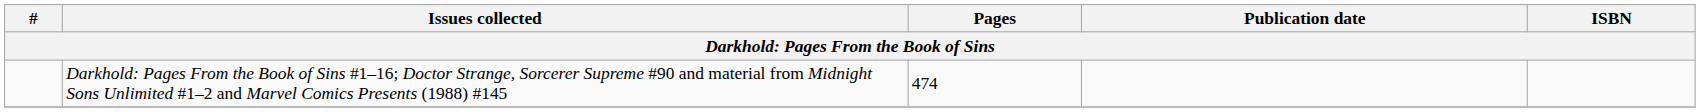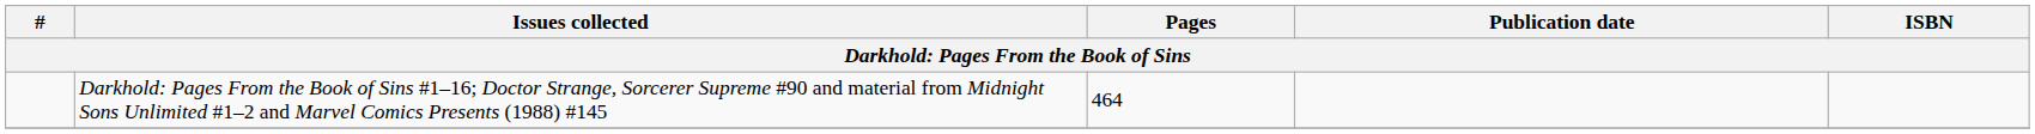 <table class="wikitable sortable" width=98%>
 <tr>
 <th class="unsortable">#</th>
 <th class="unsortable" width="50%">Issues collected</th>
 <th>Pages</th>
 <th>Publication date</th>
 <th class="unsortable">ISBN</th>
 </tr>
 <tr>
 <th colspan="5"><strong><em>Darkhold: Pages From the Book of Sins</em></strong></th>
 </tr>
 <tr>
 <td></td>
 <td><em>Darkhold: Pages From the Book of Sins</em> #1–16; <em>Doctor Strange, Sorcerer Supreme</em> #90 and material from <em>Midnight Sons Unlimited</em> #1–2 and <em>Marvel Comics Presents</em> (1988) #145</td>
-<td>474</td>
+<td>464</td>
 <td></td>
 <td></td>
 </tr>
 <tr>
 </tr>
 </table>
